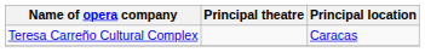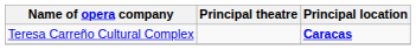 <table class="wikitable">
 <tr>
 <th>Name of <a href='#'>opera</a> company</th>
 <th>Principal theatre</th>
 <th>Principal location</th>
 </tr>
 <tr>
 <td><a href='#'>Teresa Carreño Cultural Complex</a></td>
 <td></td>
-<td><a href='#'>Caracas</a></td>
+<td><strong><a href='#'>Caracas</a></strong></td>
 </tr>
 <tr>
 </tr>
 </table>
